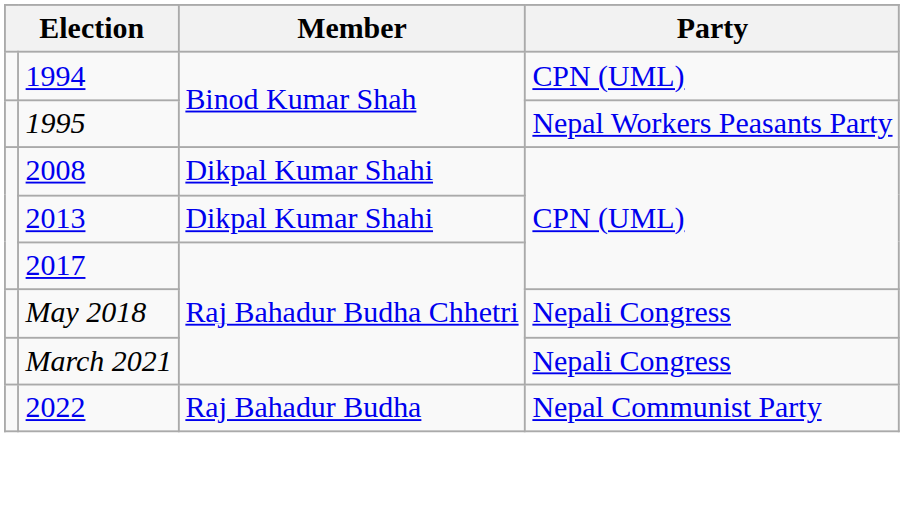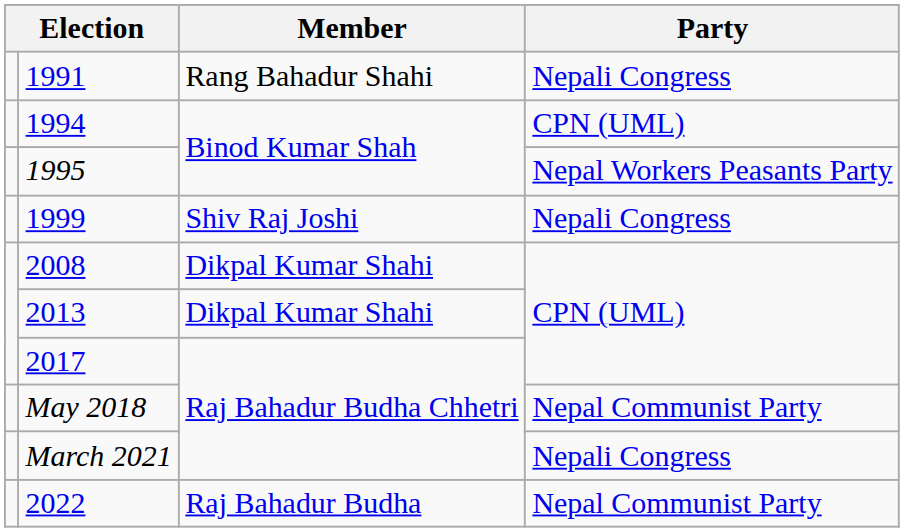 <table class="wikitable">
 <tr>
 <th colspan="2">Election</th>
 <th>Member</th>
 <th>Party</th>
+</tr>
+<tr>
+<td style="color:inherit;background:"></td>
+<td><a href='#'>1991</a></td>
+<td>Rang Bahadur Shahi</td>
+<td><a href='#'>Nepali Congress</a></td>
 </tr>
 <tr>
 <td style="color:inherit;background:"></td>
 <td><a href='#'>1994</a></td>
 <td rowspan="2"><a href='#'>Binod Kumar Shah</a></td>
 <td><a href='#'>CPN (UML)</a></td>
 </tr>
 <tr>
 <td style="color:inherit;background:"></td>
 <td><em>1995</em></td>
 <td><a href='#'>Nepal Workers Peasants Party</a></td>
+</tr>
+<tr>
+<td style="color:inherit;background:"></td>
+<td><a href='#'>1999</a></td>
+<td><a href='#'>Shiv Raj Joshi</a></td>
+<td><a href='#'>Nepali Congress</a></td>
 </tr>
 <tr>
 <td rowspan="3" style="color:inherit;background:"></td>
 <td><a href='#'>2008</a></td>
 <td><a href='#'>Dikpal Kumar Shahi</a></td>
 <td rowspan="3"><a href='#'>CPN (UML)</a></td>
 </tr>
 <tr>
 <td><a href='#'>2013</a></td>
 <td><a href='#'>Dikpal Kumar Shahi</a></td>
 </tr>
 <tr>
 <td><a href='#'>2017</a></td>
 <td rowspan="3"><a href='#'>Raj Bahadur Budha Chhetri</a></td>
 </tr>
 <tr>
 <td style="color:inherit;background:"></td>
 <td><em>May 2018</em></td>
-<td><a href='#'>Nepali Congress</a></td>
+<td><a href='#'>Nepal Communist Party</a></td>
 </tr>
 <tr>
 <td style="color:inherit;background:"></td>
 <td><em>March 2021</em></td>
 <td><a href='#'>Nepali Congress</a></td>
 </tr>
 <tr>
 <td style="color:inherit;background:"></td>
 <td><a href='#'>2022</a></td>
 <td><a href='#'>Raj Bahadur Budha</a></td>
 <td><a href='#'>Nepal Communist Party</a></td>
 </tr>
 </table>
